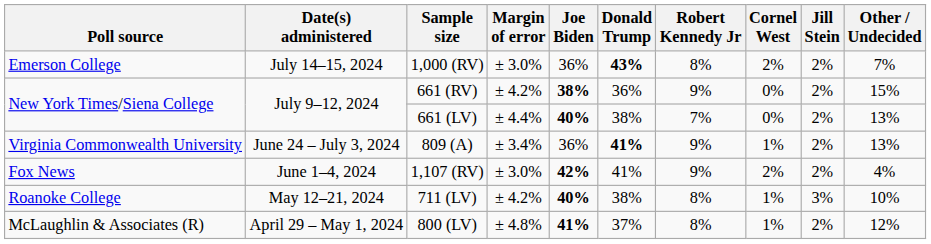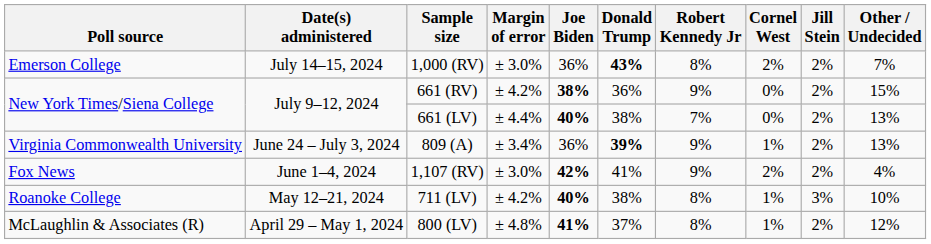 <table class="wikitable sortable mw-datatable" style="font-size:90%;text-align:center;line-height:17px">
 <tr valign=bottom>
 <th>Poll source</th>
 <th>Date(s)<br>administered</th>
 <th>Sample<br>size</th>
 <th>Margin<br>of error</th>
 <th class="unsortable">Joe<br>Biden<br></th>
 <th class="unsortable">Donald<br>Trump<br></th>
 <th class="unsortable">Robert<br>Kennedy Jr<br></th>
 <th class="unsortable">Cornel<br>West<br></th>
 <th class="unsortable">Jill<br>Stein<br></th>
 <th class="unsortable">Other /<br>Undecided</th>
 </tr>
 <tr>
 <td style="text-align:left;"><a href='#'>Emerson College</a></td>
 <td>July 14–15, 2024</td>
 <td>1,000 (RV)</td>
 <td>± 3.0%</td>
 <td>36%</td>
 <td style="background-color:"><strong>43%</strong></td>
 <td>8%</td>
 <td>2%</td>
 <td>2%</td>
 <td>7%</td>
 </tr>
 <tr>
 <td style="text-align:left;" rowspan="2"><a href='#'>New York Times</a>/<a href='#'>Siena College</a></td>
 <td rowspan="2">July 9–12, 2024</td>
 <td>661 (RV)</td>
 <td>± 4.2%</td>
 <td style="color:black;background-color:"><strong>38%</strong></td>
 <td>36%</td>
 <td>9%</td>
 <td>0%</td>
 <td>2%</td>
 <td>15%</td>
 </tr>
 <tr>
 <td>661 (LV)</td>
 <td>± 4.4%</td>
 <td style="color:black;background-color:"><strong>40%</strong></td>
 <td>38%</td>
 <td>7%</td>
 <td>0%</td>
 <td>2%</td>
 <td>13%</td>
 </tr>
 <tr>
 <td style="text-align:left;"><a href='#'>Virginia Commonwealth University</a></td>
 <td>June 24 – July 3, 2024</td>
 <td>809 (A)</td>
 <td>± 3.4%</td>
 <td>36%</td>
-<td style="background-color:"><strong>41%</strong></td>
+<td style="background-color:"><strong>39%</strong></td>
 <td>9%</td>
 <td>1%</td>
 <td>2%</td>
 <td>13%</td>
 </tr>
 <tr>
 <td style="text-align:left;"><a href='#'>Fox News</a></td>
 <td data-sort-value="2024-06-06">June 1–4, 2024</td>
 <td>1,107 (RV)</td>
 <td>± 3.0%</td>
 <td style="color:black;background-color:"><strong>42%</strong></td>
 <td>41%</td>
 <td>9%</td>
 <td>2%</td>
 <td>2%</td>
 <td>4%</td>
 </tr>
 <tr>
 <td style="text-align:left;"><a href='#'>Roanoke College</a></td>
 <td data-sort-value="2024-05-29">May 12–21, 2024</td>
 <td>711 (LV)</td>
 <td>± 4.2%</td>
 <td style="color:black;background-color:"><strong>40%</strong></td>
 <td>38%</td>
 <td>8%</td>
 <td>1%</td>
 <td>3%</td>
 <td>10%</td>
 </tr>
 <tr>
 <td style="text-align:left;">McLaughlin & Associates (R)</td>
 <td data-sort-value="2024-05-07">April 29 – May 1, 2024</td>
 <td>800 (LV)</td>
 <td>± 4.8%</td>
 <td style="color:black;background-color:"><strong>41%</strong></td>
 <td>37%</td>
 <td>8%</td>
 <td>1%</td>
 <td>2%</td>
 <td>12%</td>
 </tr>
 </table>
